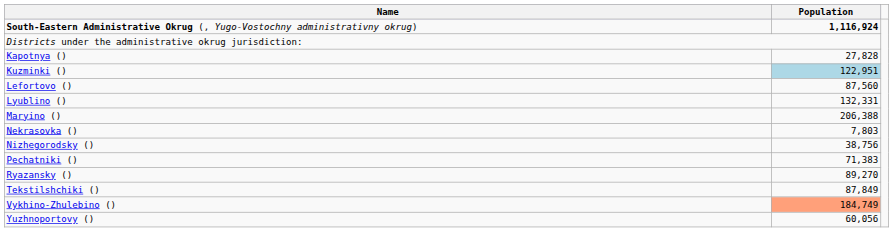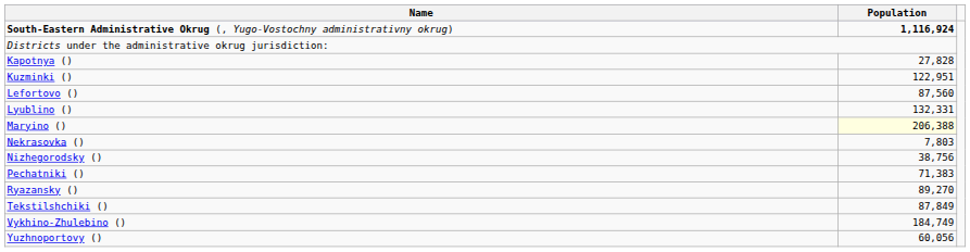 <table width=100% class="wikitable">
 <tr bgcolor="#CCCCFF" align="left">
 <th>Name</th>
 <th>Population</th>
 </tr>
 <tr>
 <td><strong>South-Eastern Administrative Okrug</strong> (, <em>Yugo-Vostochny administrativny okrug</em>)</td>
 <td align="right"><strong>1,116,924</strong></td>
 <td rowspan=14></td>
 </tr>
 <tr valign="top">
 <td colspan=2><em>Districts</em> under the administrative okrug jurisdiction:</td>
 </tr>
 <tr>
 <td><a href='#'>Kapotnya</a> ()</td>
 <td align="right">27,828</td>
 </tr>
 <tr>
 <td><a href='#'>Kuzminki</a> ()</td>
-<td align="right" style="background: lightblue;">122,951</td>
+<td align="right">122,951</td>
 </tr>
 <tr>
 <td><a href='#'>Lefortovo</a> ()</td>
 <td align="right">87,560</td>
 </tr>
 <tr>
 <td><a href='#'>Lyublino</a> ()</td>
 <td align="right">132,331</td>
 </tr>
 <tr>
 <td><a href='#'>Maryino</a> ()</td>
-<td align="right">206,388</td>
+<td align="right" style="background: lightyellow;">206,388</td>
 </tr>
 <tr>
 <td><a href='#'>Nekrasovka</a> ()</td>
 <td align="right">7,803</td>
 </tr>
 <tr>
 <td><a href='#'>Nizhegorodsky</a> ()</td>
 <td align="right">38,756</td>
 </tr>
 <tr>
 <td><a href='#'>Pechatniki</a> ()</td>
 <td align="right">71,383</td>
 </tr>
 <tr>
 <td><a href='#'>Ryazansky</a> ()</td>
 <td align="right">89,270</td>
 </tr>
 <tr>
 <td><a href='#'>Tekstilshchiki</a> ()</td>
 <td align="right">87,849</td>
 </tr>
 <tr>
 <td><a href='#'>Vykhino-Zhulebino</a> ()</td>
-<td align="right" style="background: lightsalmon;">184,749</td>
+<td align="right">184,749</td>
 </tr>
 <tr>
 <td><a href='#'>Yuzhnoportovy</a> ()</td>
 <td align="right">60,056</td>
 </tr>
 </table>
